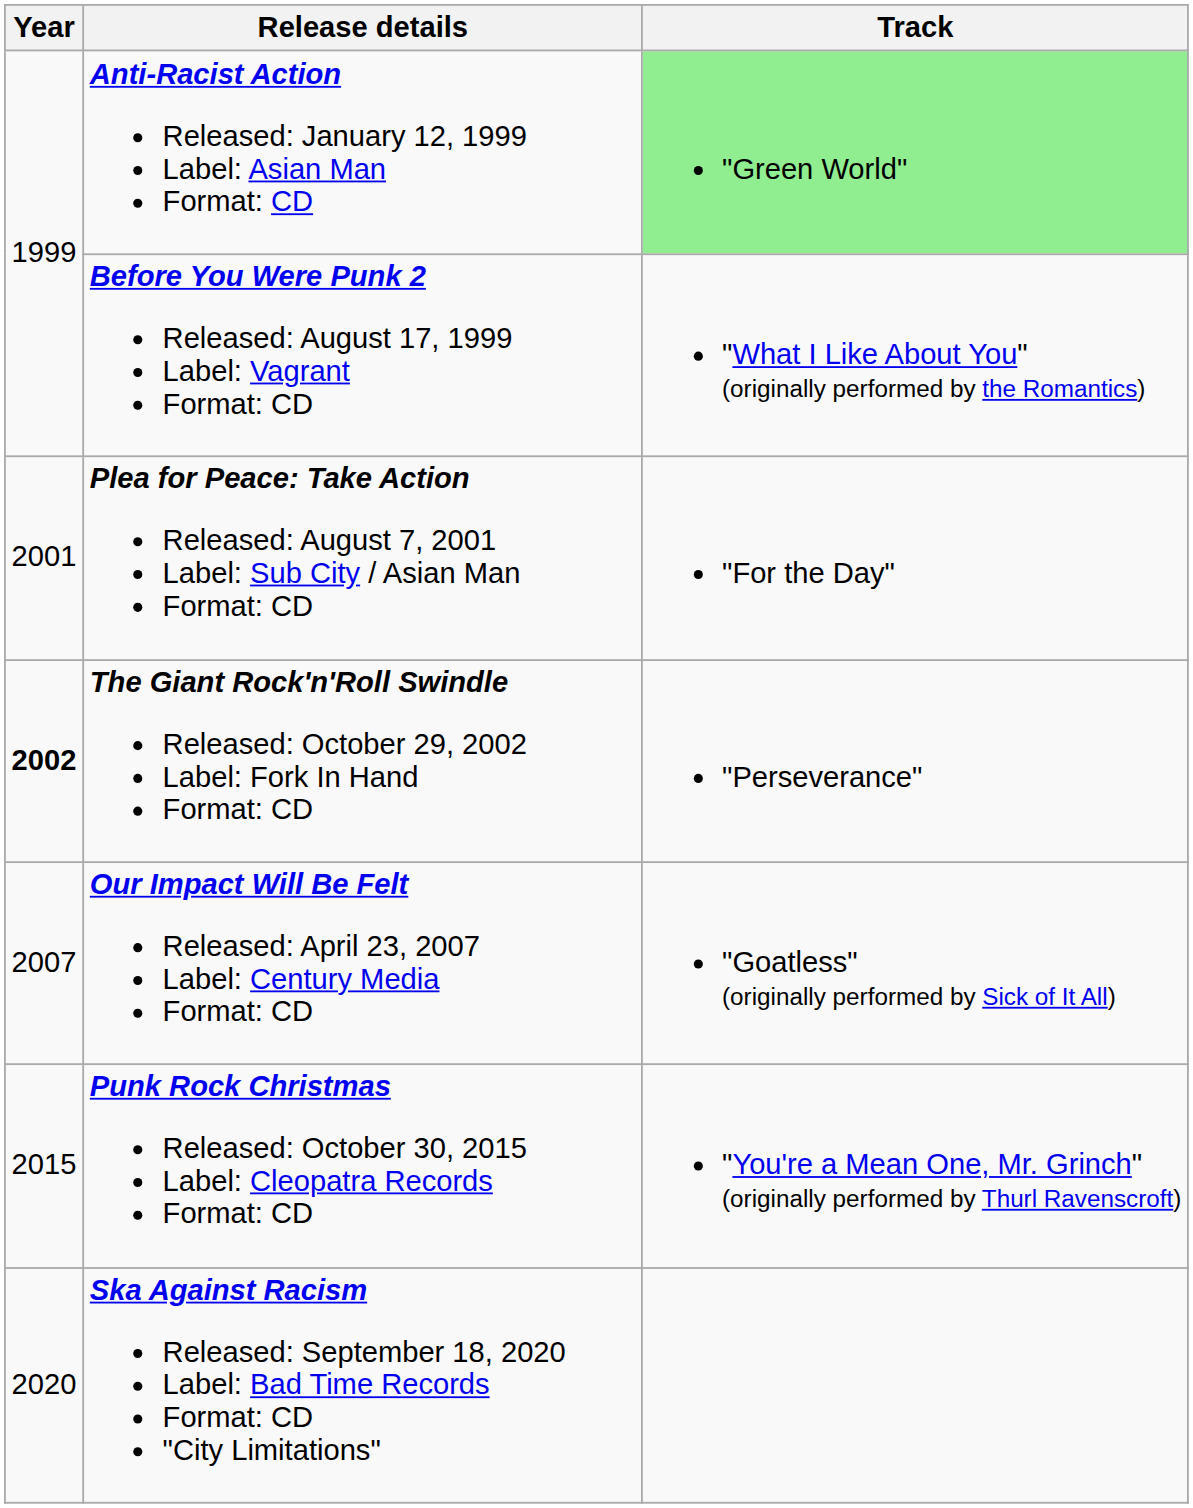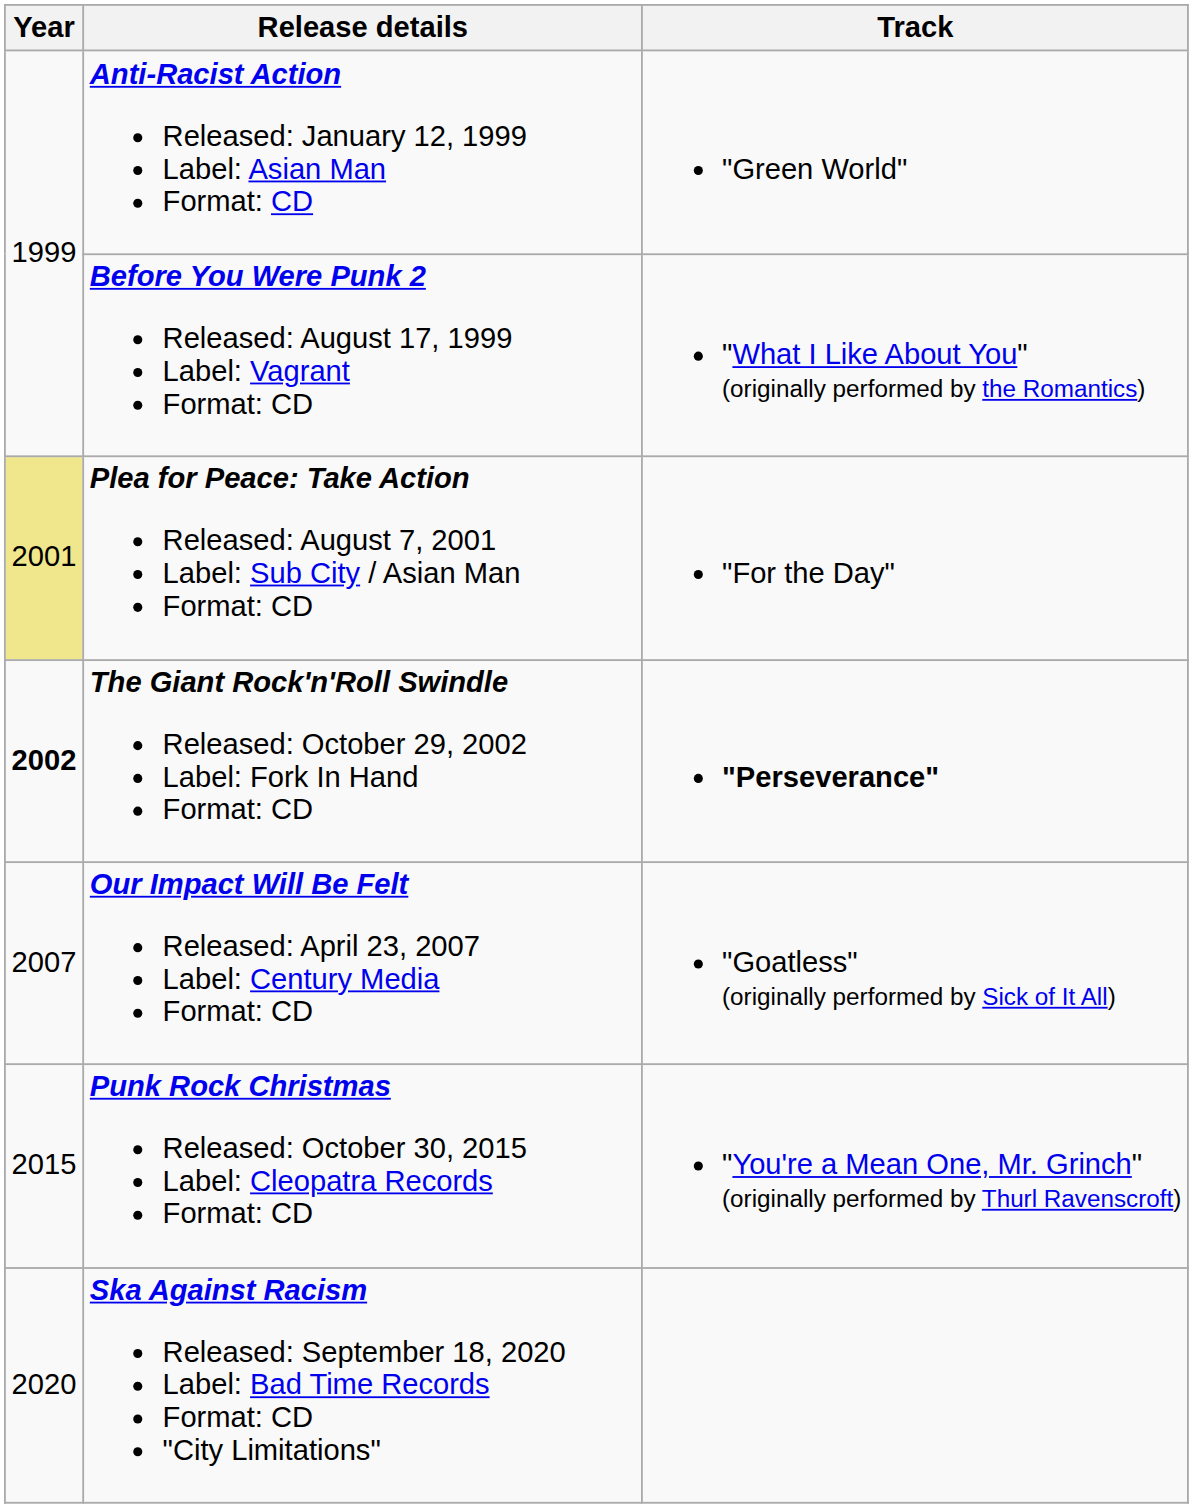 <table class ="wikitable">
 <tr>
 <th>Year</th>
 <th style="width:300px;">Release details</th>
 <th>Track</th>
 </tr>
 <tr>
 <td rowspan="2">1999</td>
 <td><strong><em><a href='#'>Anti-Racist Action</a></em></strong><br><ul><li>Released: January 12, 1999</li><li>Label: <a href='#'>Asian Man</a></li><li>Format: <a href='#'>CD</a></li></ul></td>
-<td style="background: lightgreen;"><br><ul><li>"Green World"</li></ul></td>
+<td><br><ul><li>"Green World"</li></ul></td>
 </tr>
 <tr>
 <td><strong><em><a href='#'>Before You Were Punk 2</a></em></strong><br><ul><li>Released: August 17, 1999</li><li>Label: <a href='#'>Vagrant</a></li><li>Format: CD</li></ul></td>
 <td><br><ul><li>"<a href='#'>What I Like About You</a>"<br><small>(originally performed by <a href='#'>the Romantics</a>)</small></li></ul></td>
 </tr>
 <tr>
-<td>2001</td>
+<td style="background: khaki;">2001</td>
 <td><strong><em>Plea for Peace: Take Action</em></strong><br><ul><li>Released: August 7, 2001</li><li>Label: <a href='#'>Sub City</a> / Asian Man</li><li>Format: CD</li></ul></td>
 <td><br><ul><li>"For the Day"</li></ul></td>
 </tr>
 <tr>
 <td><strong>2002</strong></td>
 <td><strong><em>The Giant Rock'n'Roll Swindle</em></strong><br><ul><li>Released: October 29, 2002</li><li>Label: Fork In Hand</li><li>Format: CD</li></ul></td>
-<td><br><ul><li>"Perseverance"</li></ul></td>
+<td><strong><br><ul><li>"Perseverance"</li></ul></strong></td>
 </tr>
 <tr>
 <td>2007</td>
 <td><strong><em><a href='#'>Our Impact Will Be Felt</a></em></strong><br><ul><li>Released: April 23, 2007</li><li>Label: <a href='#'>Century Media</a></li><li>Format: CD</li></ul></td>
 <td><br><ul><li>"Goatless"<br><small>(originally performed by <a href='#'>Sick of It All</a>)</small></li></ul></td>
 </tr>
 <tr>
 <td>2015</td>
 <td><strong><em><a href='#'>Punk Rock Christmas</a></em></strong><br><ul><li>Released: October 30, 2015</li><li>Label: <a href='#'>Cleopatra Records</a></li><li>Format: CD</li></ul></td>
 <td><br><ul><li>"<a href='#'>You're a Mean One, Mr. Grinch</a>"<br><small>(originally performed by <a href='#'>Thurl Ravenscroft</a>)</small></li></ul></td>
 </tr>
 <tr>
 <td>2020</td>
 <td><strong><em><a href='#'>Ska Against Racism</a></em></strong><br><ul><li>Released: September 18, 2020</li><li>Label: <a href='#'>Bad Time Records</a></li><li>Format: CD</li><li>"City Limitations"</li></ul></td>
 <td></td>
 </tr>
 </table>
